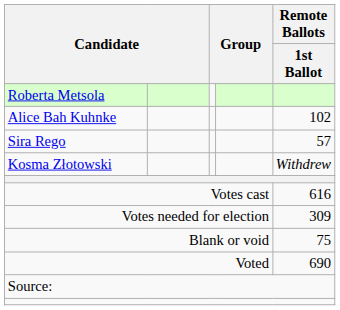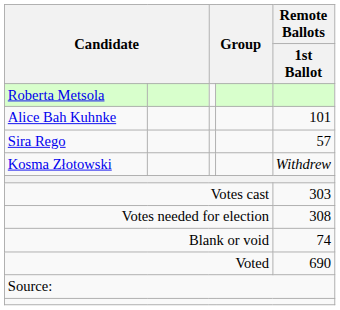 <table class="wikitable">
 <tr>
 <th colspan=2 rowspan=2>Candidate</th>
 <th colspan=2 rowspan=2 style="width:60px">Group</th>
 <th colspan=1>Remote Ballots</th>
 </tr>
 <tr>
 <th style="width:60px;">1st Ballot</th>
 </tr>
 <tr>
 <td style="background-color:#d8ffcc"><a href='#'>Roberta Metsola</a></td>
 <td style="background-color:#d8ffcc; width:60px;"></td>
 <td style="background-color:"></td>
 <td style="background-color:#d8ffcc"><strong></strong></td>
 <td align="right" style="background-color:#d8ffcc"><strong></strong></td>
 </tr>
 <tr>
 <td style="width:150px;"><a href='#'>Alice Bah Kuhnke</a></td>
 <td></td>
 <td style="background:"></td>
 <td style="width:55px;"><strong></strong></td>
-<td align="right">102</td>
+<td align="right">101</td>
 </tr>
 <tr>
 <td><a href='#'>Sira Rego</a></td>
 <td></td>
 <td style="background-color:"></td>
 <td><strong></strong></td>
 <td align="right">57</td>
 </tr>
 <tr>
 <td><a href='#'>Kosma Złotowski</a></td>
 <td></td>
 <td style="background:"></td>
 <td><strong></strong></td>
 <td align="right"><em>Withdrew</em></td>
 </tr>
 <tr>
 <th colspan=6></th>
 </tr>
 <tr>
 <td colspan=4 align="right">Votes cast</td>
-<td align="right">616</td>
+<td align="right">303</td>
 </tr>
 <tr>
 <td colspan=4 align="right">Votes needed for election</td>
-<td align="right">309</td>
+<td align="right">308</td>
 </tr>
 <tr>
 <td colspan=4 align="right">Blank or void</td>
-<td align="right">75</td>
+<td align="right">74</td>
 </tr>
 <tr>
 <td colspan=4 align="right">Voted</td>
 <td align="right">690</td>
 </tr>
 <tr>
 <td colspan=6>Source: </td>
 </tr>
 <tr>
 <td colspan=6></td>
 </tr>
 </table>
